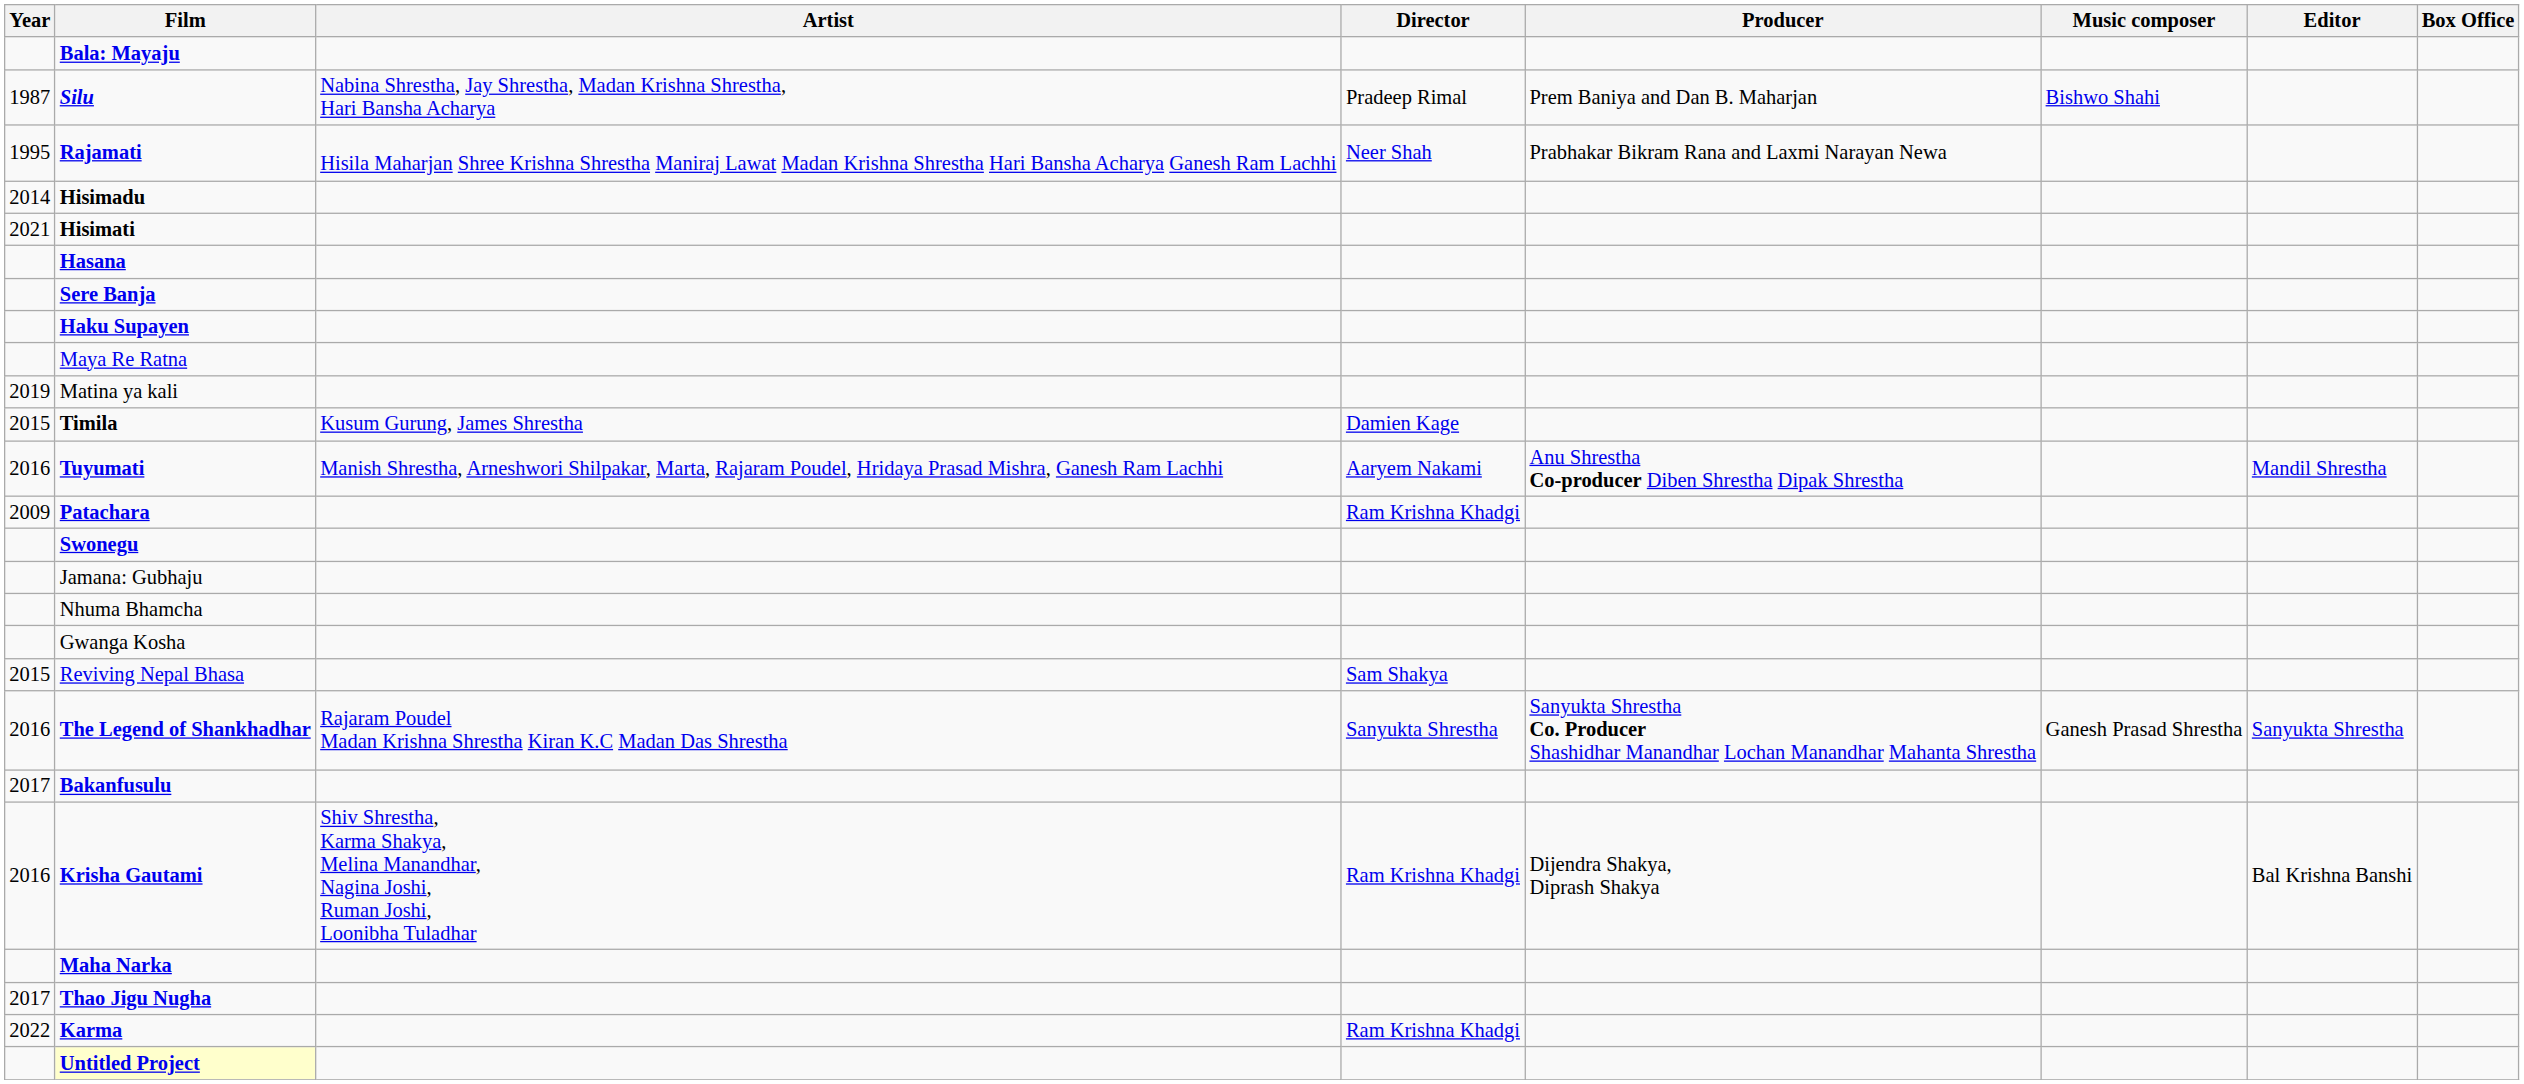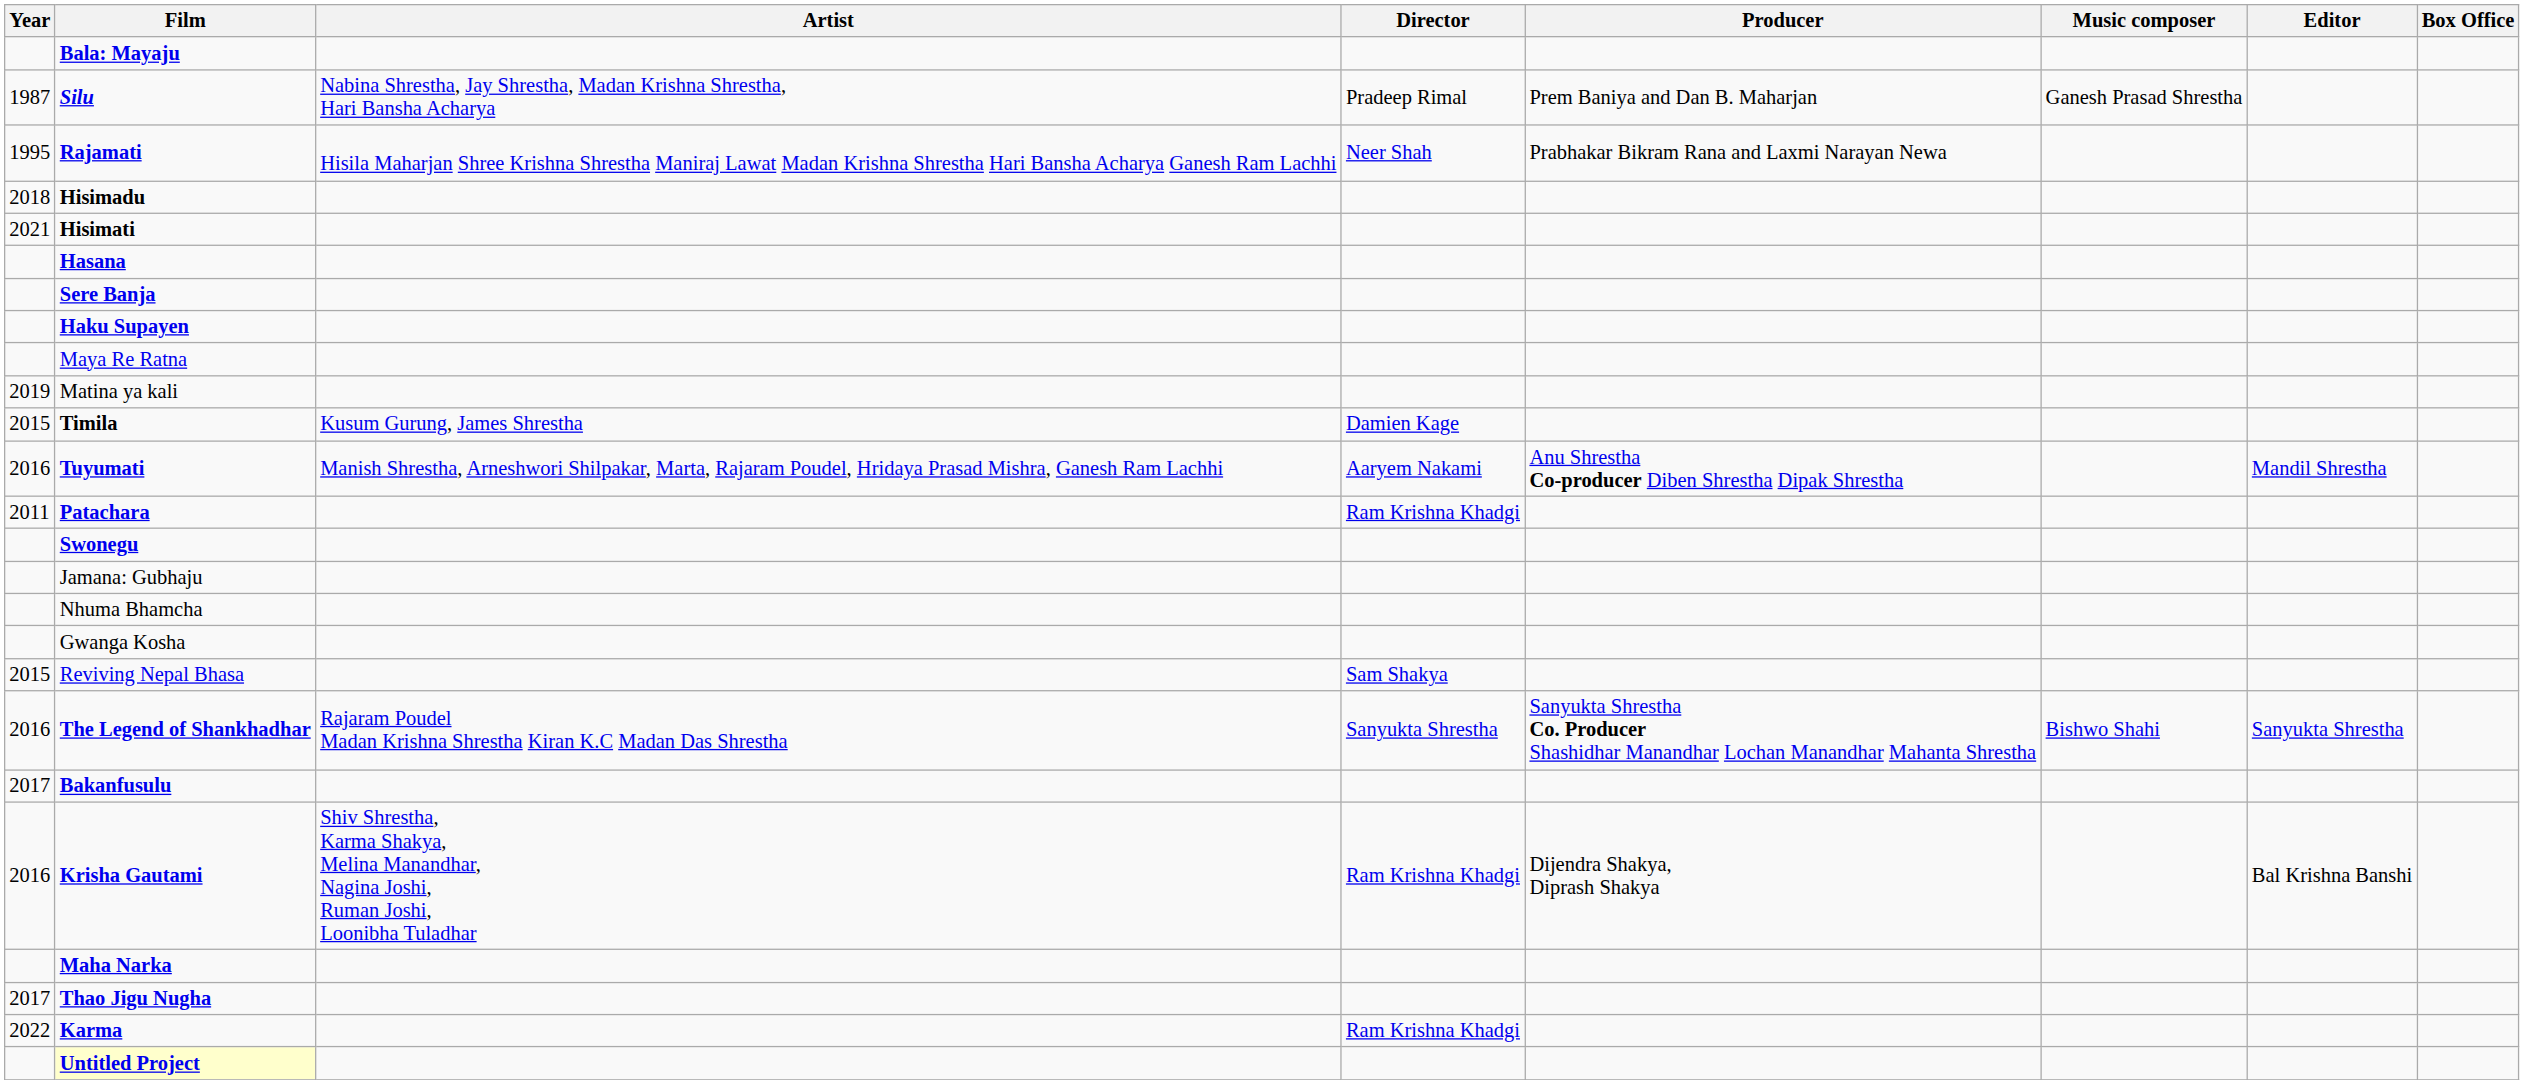 <table class="wikitable sortable">
 <tr>
 <th>Year</th>
 <th>Film</th>
 <th>Artist</th>
 <th>Director</th>
 <th>Producer</th>
 <th>Music composer</th>
 <th>Editor</th>
 <th>Box Office</th>
 </tr>
 <tr>
 <td></td>
 <td><strong><a href='#'>Bala: Mayaju</a></strong></td>
 <td></td>
 <td></td>
 <td></td>
 <td></td>
 <td></td>
 <td></td>
 </tr>
 <tr>
 <td>1987</td>
 <td><strong><a href='#'><em>Silu</em></a></strong></td>
 <td><a href='#'>Nabina Shrestha</a>, <a href='#'>Jay Shrestha</a>, <a href='#'>Madan Krishna Shrestha</a>,<br><a href='#'>Hari Bansha Acharya</a></td>
 <td>Pradeep Rimal</td>
 <td>Prem Baniya and Dan B. Maharjan</td>
-<td><a href='#'>Bishwo Shahi</a></td>
+<td>Ganesh Prasad Shrestha</td>
 <td></td>
 <td></td>
 </tr>
 <tr>
 <td>1995</td>
 <td><strong><a href='#'>Rajamati</a></strong></td>
 <td><br><a href='#'>Hisila Maharjan</a> <a href='#'>Shree Krishna Shrestha</a> <a href='#'>Maniraj Lawat</a> <a href='#'>Madan Krishna Shrestha</a> <a href='#'>Hari Bansha Acharya</a> <a href='#'>Ganesh Ram Lachhi</a></td>
 <td><a href='#'>Neer Shah</a></td>
 <td>Prabhakar Bikram Rana and Laxmi Narayan Newa</td>
 <td></td>
 <td></td>
 <td></td>
 </tr>
 <tr>
-<td>2014</td>
+<td>2018</td>
 <td><strong>Hisimadu</strong></td>
 <td></td>
 <td></td>
 <td></td>
 <td></td>
 <td></td>
 <td></td>
 </tr>
 <tr>
 <td>2021</td>
 <td><strong>Hisimati</strong></td>
 <td></td>
 <td></td>
 <td></td>
 <td></td>
 <td></td>
 <td></td>
 </tr>
 <tr>
 <td></td>
 <td><strong><a href='#'>Hasana</a></strong></td>
 <td></td>
 <td></td>
 <td></td>
 <td></td>
 <td></td>
 <td></td>
 </tr>
 <tr>
 <td></td>
 <td><strong><a href='#'>Sere Banja</a></strong></td>
 <td></td>
 <td></td>
 <td></td>
 <td></td>
 <td></td>
 <td></td>
 </tr>
 <tr>
 <td></td>
 <td><strong><a href='#'>Haku Supayen</a></strong></td>
 <td></td>
 <td></td>
 <td></td>
 <td></td>
 <td></td>
 <td></td>
 </tr>
 <tr>
 <td></td>
 <td><a href='#'>Maya Re Ratna</a></td>
 <td></td>
 <td></td>
 <td></td>
 <td></td>
 <td></td>
 <td></td>
 </tr>
 <tr>
 <td>2019</td>
 <td>Matina ya kali</td>
 <td></td>
 <td></td>
 <td></td>
 <td></td>
 <td></td>
 <td></td>
 </tr>
 <tr>
 <td>2015</td>
 <td><strong>Timila</strong></td>
 <td><a href='#'>Kusum Gurung</a>, <a href='#'>James Shrestha</a></td>
 <td><a href='#'>Damien Kage</a></td>
 <td></td>
 <td></td>
 <td></td>
 <td></td>
 </tr>
 <tr>
 <td>2016</td>
 <td><strong><a href='#'>Tuyumati</a></strong></td>
 <td><a href='#'>Manish Shrestha</a>, <a href='#'>Arneshwori Shilpakar</a>, <a href='#'>Marta</a>, <a href='#'>Rajaram Poudel</a>, <a href='#'>Hridaya Prasad Mishra</a>, <a href='#'>Ganesh Ram Lachhi</a></td>
 <td><a href='#'>Aaryem Nakami</a></td>
 <td><a href='#'>Anu Shrestha</a><br><strong>Co-producer</strong> <a href='#'>Diben Shrestha</a> <a href='#'>Dipak Shrestha</a></td>
 <td></td>
 <td><a href='#'>Mandil Shrestha</a></td>
 <td></td>
 </tr>
 <tr>
-<td>2009</td>
+<td>2011</td>
 <td><strong><a href='#'>Patachara</a></strong></td>
 <td></td>
 <td><a href='#'>Ram Krishna Khadgi</a></td>
 <td></td>
 <td></td>
 <td></td>
 <td></td>
 </tr>
 <tr>
 <td></td>
 <td><strong><a href='#'>Swonegu</a></strong></td>
 <td></td>
 <td></td>
 <td></td>
 <td></td>
 <td></td>
 <td></td>
 </tr>
 <tr>
 <td></td>
 <td>Jamana: Gubhaju</td>
 <td></td>
 <td></td>
 <td></td>
 <td></td>
 <td></td>
 <td></td>
 </tr>
 <tr>
 <td></td>
 <td>Nhuma Bhamcha</td>
 <td></td>
 <td></td>
 <td></td>
 <td></td>
 <td></td>
 <td></td>
 </tr>
 <tr>
 <td></td>
 <td>Gwanga Kosha</td>
 <td></td>
 <td></td>
 <td></td>
 <td></td>
 <td></td>
 <td></td>
 </tr>
 <tr>
 <td>2015</td>
 <td><a href='#'>Reviving Nepal Bhasa</a></td>
 <td></td>
 <td><a href='#'>Sam Shakya</a></td>
 <td></td>
 <td></td>
 <td></td>
 <td></td>
 </tr>
 <tr>
 <td>2016</td>
 <td><strong><a href='#'>The Legend of Shankhadhar</a></strong></td>
 <td><a href='#'>Rajaram Poudel</a><br><a href='#'>Madan Krishna Shrestha</a> <a href='#'>Kiran K.C</a> <a href='#'>Madan Das Shrestha</a></td>
 <td><a href='#'>Sanyukta Shrestha</a></td>
 <td><a href='#'>Sanyukta Shrestha</a><br><strong>Co. Producer</strong><br><a href='#'>Shashidhar Manandhar</a> <a href='#'>Lochan Manandhar</a> <a href='#'>Mahanta Shrestha</a></td>
-<td>Ganesh Prasad Shrestha</td>
+<td><a href='#'>Bishwo Shahi</a></td>
 <td><a href='#'>Sanyukta Shrestha</a></td>
 <td></td>
 </tr>
 <tr>
 <td>2017</td>
 <td><strong><a href='#'>Bakanfusulu</a></strong></td>
 <td></td>
 <td></td>
 <td></td>
 <td></td>
 <td></td>
 <td></td>
 </tr>
 <tr>
 <td>2016</td>
 <td><strong><a href='#'>Krisha Gautami</a></strong></td>
 <td><a href='#'>Shiv Shrestha</a>,<br> <a href='#'>Karma Shakya</a>,<br> <a href='#'>Melina Manandhar</a>,<br> <a href='#'>Nagina Joshi</a>,<br> <a href='#'>Ruman Joshi</a>,<br> <a href='#'>Loonibha Tuladhar</a></td>
 <td><a href='#'>Ram Krishna Khadgi</a></td>
 <td>Dijendra Shakya,<br>Diprash Shakya</td>
 <td></td>
 <td>Bal Krishna Banshi</td>
 <td></td>
 </tr>
 <tr>
 <td></td>
 <td><strong><a href='#'>Maha Narka</a></strong></td>
 <td></td>
 <td></td>
 <td></td>
 <td></td>
 <td></td>
 <td></td>
 </tr>
 <tr>
 <td>2017</td>
 <td><strong><a href='#'>Thao Jigu Nugha</a></strong></td>
 <td></td>
 <td></td>
 <td></td>
 <td></td>
 <td></td>
 <td></td>
 </tr>
 <tr>
 <td>2022</td>
 <td><strong><a href='#'> Karma</a></strong></td>
 <td></td>
 <td><a href='#'>Ram Krishna Khadgi</a></td>
 <td></td>
 <td></td>
 <td></td>
 <td></td>
 </tr>
 <tr>
 <td></td>
 <td scope="row" style="background:#ffc;"><strong><a href='#'>Untitled Project</a></strong></td>
 <td></td>
 <td></td>
 <td></td>
 <td></td>
 <td></td>
 <td></td>
 </tr>
 </table>
